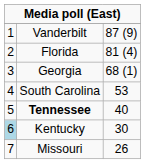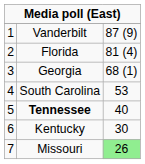 <table class="wikitable">
 <tr align="center">
 <td align="center" Colspan="3"><strong>Media poll (East)</strong></td>
 </tr>
 <tr align="center">
 </tr>
 <tr align="center">
 <td>1</td>
 <td>Vanderbilt</td>
 <td>87 (9)</td>
 </tr>
 <tr align="center">
 <td>2</td>
 <td>Florida</td>
 <td>81 (4)</td>
 </tr>
 <tr align="center">
 <td>3</td>
 <td>Georgia</td>
 <td>68 (1)</td>
 </tr>
 <tr align="center">
 <td>4</td>
 <td>South Carolina</td>
 <td>53</td>
 </tr>
 <tr align="center">
 <td>5</td>
 <td><strong>Tennessee</strong></td>
 <td>40</td>
 </tr>
 <tr align="center">
-<td style="background: lightblue;">6</td>
+<td>6</td>
 <td>Kentucky</td>
 <td>30</td>
 </tr>
 <tr align="center">
 <td>7</td>
 <td>Missouri</td>
-<td>26</td>
+<td style="background: lightgreen;">26</td>
 </tr>
 </table>
